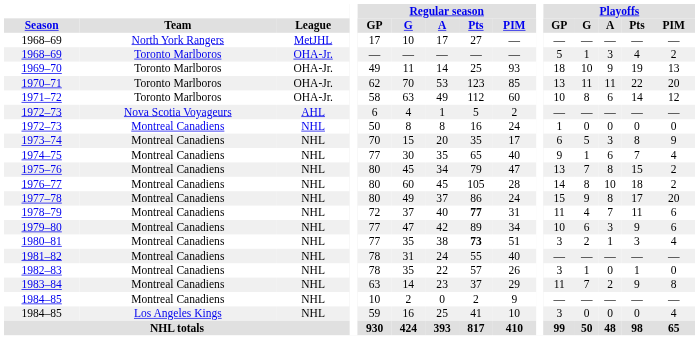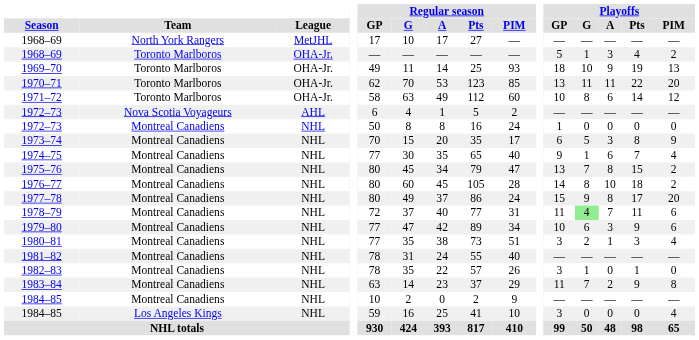 <table border="0" cellpadding="1" cellspacing="0" style="text-align:center; width:60em">
 <tr bgcolor="#e0e0e0">
 <th colspan="3" bgcolor="#ffffff"> </th>
 <th rowspan="99" bgcolor="#ffffff"> </th>
 <th colspan="5"><a href='#'>Regular season</a></th>
 <th rowspan="99" bgcolor="#ffffff"> </th>
 <th colspan="5"><a href='#'>Playoffs</a></th>
 </tr>
 <tr bgcolor="#e0e0e0">
 <th><a href='#'>Season</a></th>
 <th>Team</th>
 <th>League</th>
 <th>GP</th>
 <th><a href='#'>G</a></th>
 <th><a href='#'>A</a></th>
 <th><a href='#'>Pts</a></th>
 <th><a href='#'>PIM</a></th>
 <th>GP</th>
 <th>G</th>
 <th>A</th>
 <th>Pts</th>
 <th>PIM</th>
 </tr>
 <tr>
 <td>1968–69</td>
 <td><a href='#'>North York Rangers</a></td>
 <td><a href='#'>MetJHL</a></td>
 <td>17</td>
 <td>10</td>
 <td>17</td>
 <td>27</td>
 <td>—</td>
 <td>—</td>
 <td>—</td>
 <td>—</td>
 <td>—</td>
 <td>—</td>
 </tr>
 <tr style="background:#f0f0f0;">
 <td><a href='#'>1968–69</a></td>
 <td><a href='#'>Toronto Marlboros</a></td>
 <td><a href='#'>OHA-Jr.</a></td>
 <td>—</td>
 <td>—</td>
 <td>—</td>
 <td>—</td>
 <td>—</td>
 <td>5</td>
 <td>1</td>
 <td>3</td>
 <td>4</td>
 <td>2</td>
 </tr>
 <tr>
 <td><a href='#'>1969–70</a></td>
 <td>Toronto Marlboros</td>
 <td>OHA-Jr.</td>
 <td>49</td>
 <td>11</td>
 <td>14</td>
 <td>25</td>
 <td>93</td>
 <td>18</td>
 <td>10</td>
 <td>9</td>
 <td>19</td>
 <td>13</td>
 </tr>
 <tr style="background:#f0f0f0;">
 <td><a href='#'>1970–71</a></td>
 <td>Toronto Marlboros</td>
 <td>OHA-Jr.</td>
 <td>62</td>
 <td>70</td>
 <td>53</td>
 <td>123</td>
 <td>85</td>
 <td>13</td>
 <td>11</td>
 <td>11</td>
 <td>22</td>
 <td>20</td>
 </tr>
 <tr>
 <td><a href='#'>1971–72</a></td>
 <td>Toronto Marlboros</td>
 <td>OHA-Jr.</td>
 <td>58</td>
 <td>63</td>
 <td>49</td>
 <td>112</td>
 <td>60</td>
 <td>10</td>
 <td>8</td>
 <td>6</td>
 <td>14</td>
 <td>12</td>
 </tr>
 <tr style="background:#f0f0f0;">
 <td><a href='#'>1972–73</a></td>
 <td><a href='#'>Nova Scotia Voyageurs</a></td>
 <td><a href='#'>AHL</a></td>
 <td>6</td>
 <td>4</td>
 <td>1</td>
 <td>5</td>
 <td>2</td>
 <td>—</td>
 <td>—</td>
 <td>—</td>
 <td>—</td>
 <td>—</td>
 </tr>
 <tr>
 <td><a href='#'>1972–73</a></td>
 <td><a href='#'>Montreal Canadiens</a></td>
 <td><a href='#'>NHL</a></td>
 <td>50</td>
 <td>8</td>
 <td>8</td>
 <td>16</td>
 <td>24</td>
 <td>1</td>
 <td>0</td>
 <td>0</td>
 <td>0</td>
 <td>0</td>
 </tr>
 <tr style="background:#f0f0f0;">
 <td><a href='#'>1973–74</a></td>
 <td>Montreal Canadiens</td>
 <td>NHL</td>
 <td>70</td>
 <td>15</td>
 <td>20</td>
 <td>35</td>
 <td>17</td>
 <td>6</td>
 <td>5</td>
 <td>3</td>
 <td>8</td>
 <td>9</td>
 </tr>
 <tr>
 <td><a href='#'>1974–75</a></td>
 <td>Montreal Canadiens</td>
 <td>NHL</td>
 <td>77</td>
 <td>30</td>
 <td>35</td>
 <td>65</td>
 <td>40</td>
 <td>9</td>
 <td>1</td>
 <td>6</td>
 <td>7</td>
 <td>4</td>
 </tr>
 <tr style="background:#f0f0f0;">
 <td><a href='#'>1975–76</a></td>
 <td>Montreal Canadiens</td>
 <td>NHL</td>
 <td>80</td>
 <td>45</td>
 <td>34</td>
 <td>79</td>
 <td>47</td>
 <td>13</td>
 <td>7</td>
 <td>8</td>
 <td>15</td>
 <td>2</td>
 </tr>
 <tr>
 <td><a href='#'>1976–77</a></td>
 <td>Montreal Canadiens</td>
 <td>NHL</td>
 <td>80</td>
 <td>60</td>
 <td>45</td>
 <td>105</td>
 <td>28</td>
 <td>14</td>
 <td>8</td>
 <td>10</td>
 <td>18</td>
 <td>2</td>
 </tr>
 <tr style="background:#f0f0f0;">
 <td><a href='#'>1977–78</a></td>
 <td>Montreal Canadiens</td>
 <td>NHL</td>
 <td>80</td>
 <td>49</td>
 <td>37</td>
 <td>86</td>
 <td>24</td>
 <td>15</td>
 <td>9</td>
 <td>8</td>
 <td>17</td>
 <td>20</td>
 </tr>
 <tr>
 <td><a href='#'>1978–79</a></td>
 <td>Montreal Canadiens</td>
 <td>NHL</td>
 <td>72</td>
 <td>37</td>
 <td>40</td>
-<td><strong>77</strong></td>
+<td>77</td>
 <td>31</td>
 <td>11</td>
-<td>4</td>
+<td style="background: lightgreen;">4</td>
 <td>7</td>
 <td>11</td>
 <td>6</td>
 </tr>
 <tr style="background:#f0f0f0;">
 <td><a href='#'>1979–80</a></td>
 <td>Montreal Canadiens</td>
 <td>NHL</td>
 <td>77</td>
 <td>47</td>
 <td>42</td>
 <td>89</td>
 <td>34</td>
 <td>10</td>
 <td>6</td>
 <td>3</td>
 <td>9</td>
 <td>6</td>
 </tr>
 <tr>
 <td><a href='#'>1980–81</a></td>
 <td>Montreal Canadiens</td>
 <td>NHL</td>
 <td>77</td>
 <td>35</td>
 <td>38</td>
-<td><strong>73</strong></td>
+<td>73</td>
 <td>51</td>
 <td>3</td>
 <td>2</td>
 <td>1</td>
 <td>3</td>
 <td>4</td>
 </tr>
 <tr style="background:#f0f0f0;">
 <td><a href='#'>1981–82</a></td>
 <td>Montreal Canadiens</td>
 <td>NHL</td>
 <td>78</td>
 <td>31</td>
 <td>24</td>
 <td>55</td>
 <td>40</td>
 <td>—</td>
 <td>—</td>
 <td>—</td>
 <td>—</td>
 <td>—</td>
 </tr>
 <tr>
 <td><a href='#'>1982–83</a></td>
 <td>Montreal Canadiens</td>
 <td>NHL</td>
 <td>78</td>
 <td>35</td>
 <td>22</td>
 <td>57</td>
 <td>26</td>
 <td>3</td>
 <td>1</td>
 <td>0</td>
 <td>1</td>
 <td>0</td>
 </tr>
 <tr style="background:#f0f0f0;">
 <td><a href='#'>1983–84</a></td>
 <td>Montreal Canadiens</td>
 <td>NHL</td>
 <td>63</td>
 <td>14</td>
 <td>23</td>
 <td>37</td>
 <td>29</td>
 <td>11</td>
 <td>7</td>
 <td>2</td>
 <td>9</td>
 <td>8</td>
 </tr>
 <tr>
 <td><a href='#'>1984–85</a></td>
 <td>Montreal Canadiens</td>
 <td>NHL</td>
 <td>10</td>
 <td>2</td>
 <td>0</td>
 <td>2</td>
 <td>9</td>
 <td>—</td>
 <td>—</td>
 <td>—</td>
 <td>—</td>
 <td>—</td>
 </tr>
 <tr style="background:#f0f0f0;">
 <td>1984–85</td>
 <td><a href='#'>Los Angeles Kings</a></td>
 <td>NHL</td>
 <td>59</td>
 <td>16</td>
 <td>25</td>
 <td>41</td>
 <td>10</td>
 <td>3</td>
 <td>0</td>
 <td>0</td>
 <td>0</td>
 <td>4</td>
 </tr>
 <tr style="background:#e0e0e0;">
 <th colspan="3">NHL totals</th>
 <th>930</th>
 <th>424</th>
 <th>393</th>
 <th>817</th>
 <th>410</th>
 <th>99</th>
 <th>50</th>
 <th>48</th>
 <th>98</th>
 <th>65</th>
 </tr>
 </table>
